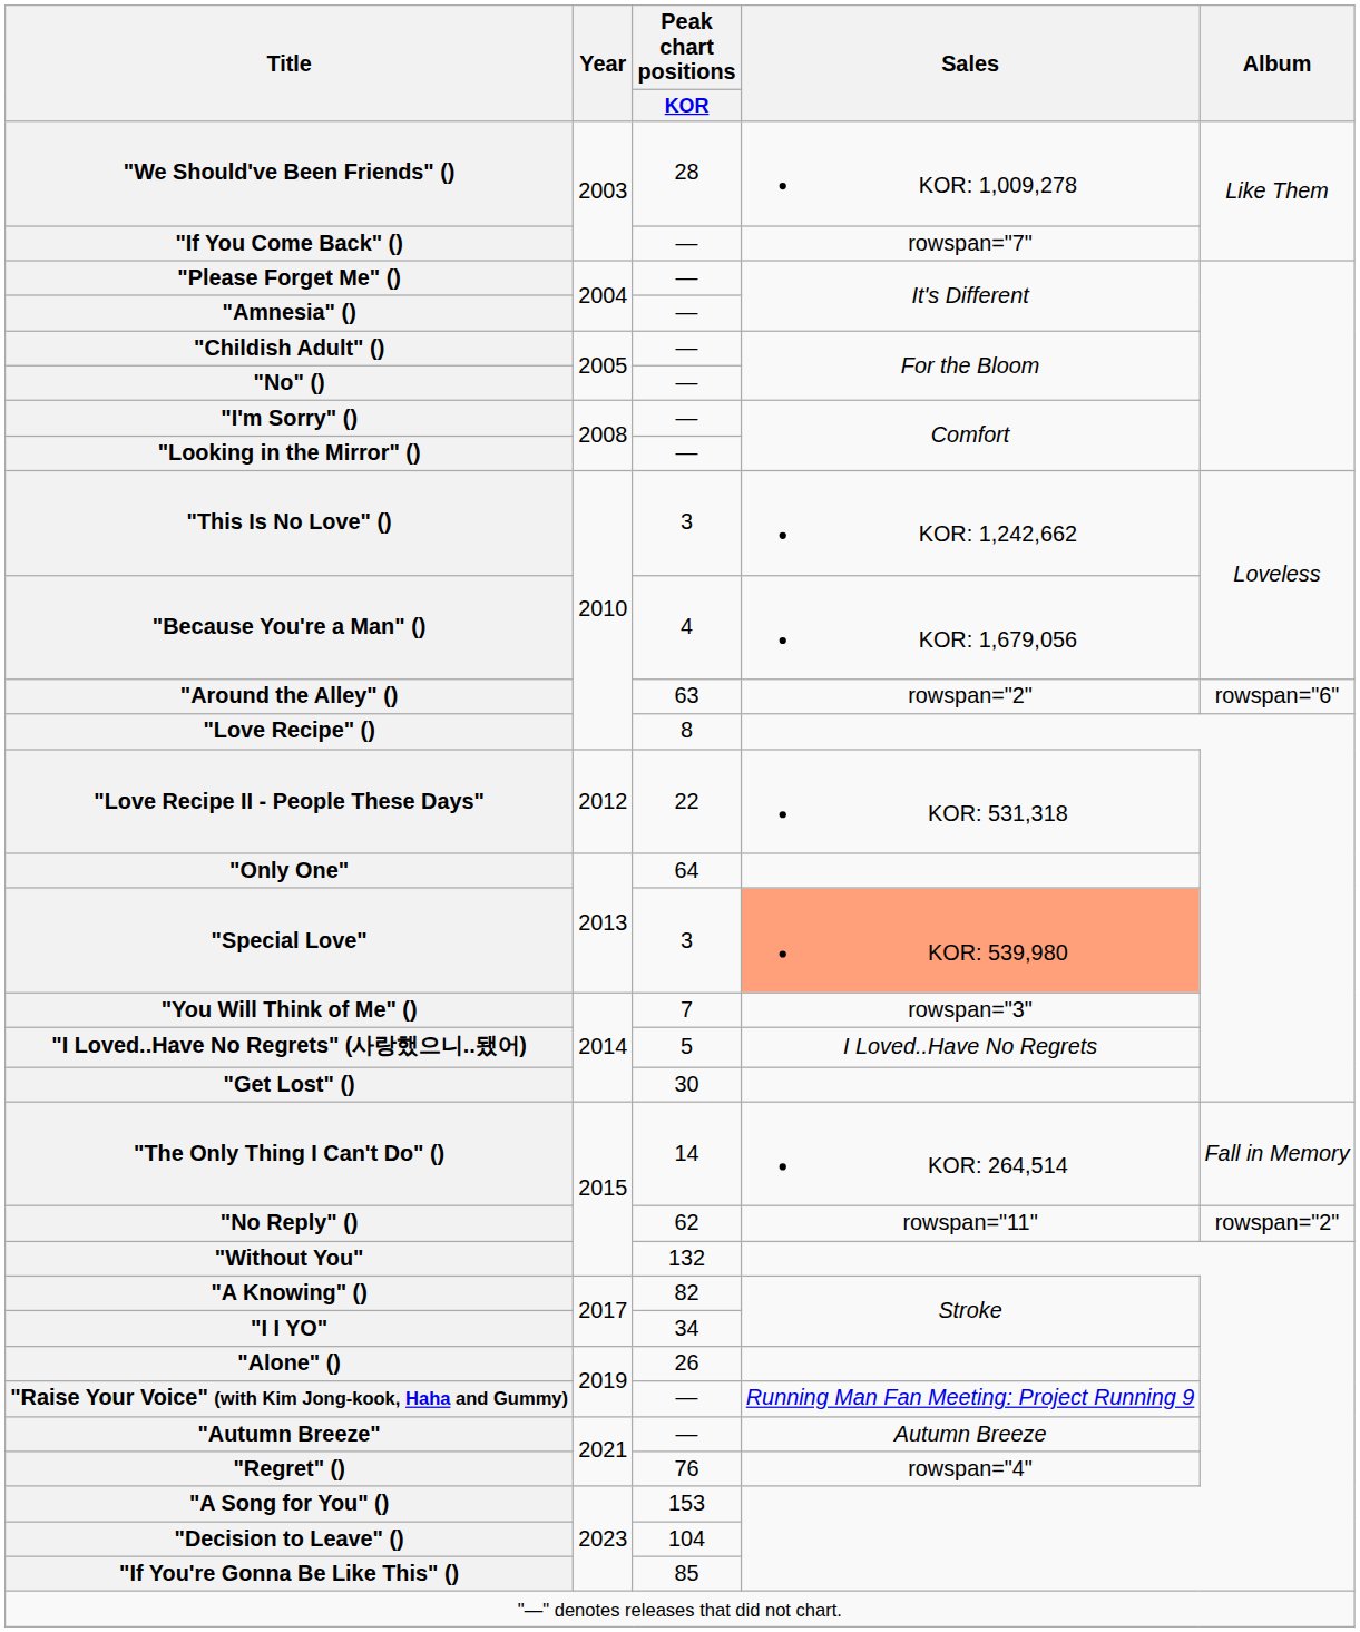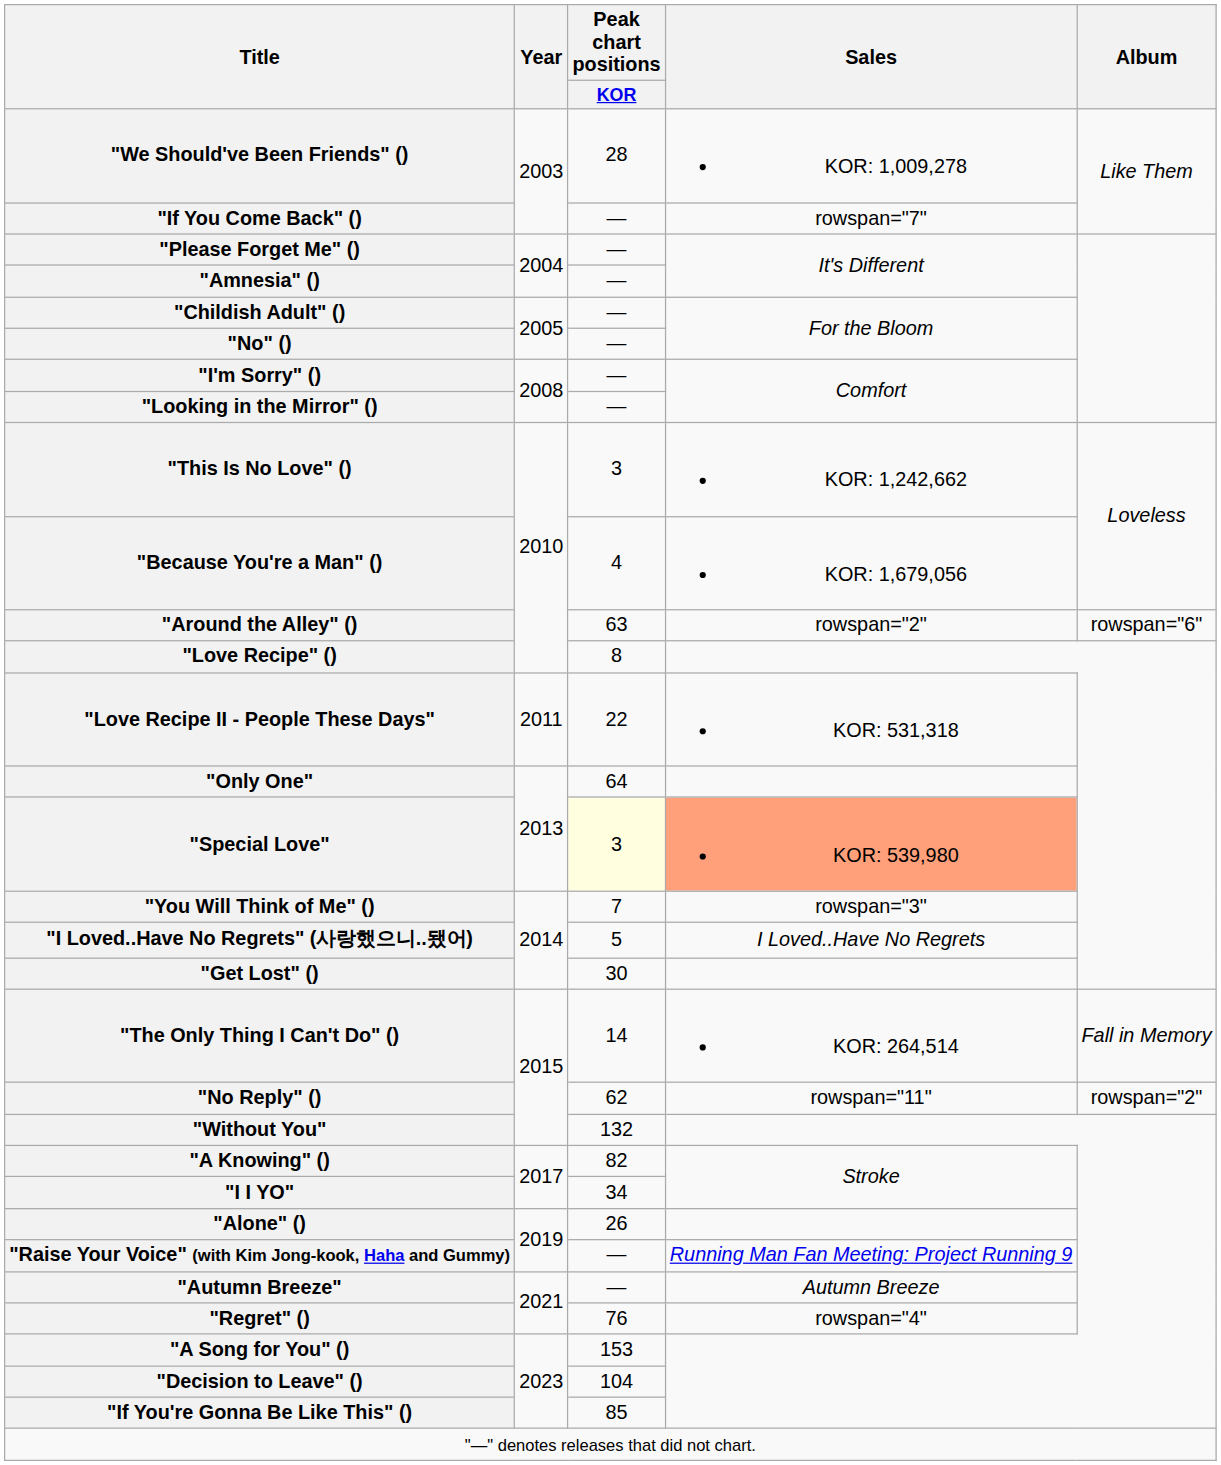 <table class="wikitable plainrowheaders" style="text-align:center;">
 <tr>
 <th scope="col" rowspan="2">Title</th>
 <th scope="col" rowspan="2">Year</th>
 <th scope="col" colspan="1">Peak chart positions</th>
 <th rowspan="2">Sales</th>
 <th rowspan="2">Album</th>
 </tr>
 <tr>
 <th scope="col" style="width:3em;font-size:90%;"><a href='#'>KOR</a><br></th>
 </tr>
 <tr>
 <th scope="row">"We Should've Been Friends" ()</th>
 <td rowspan="2">2003</td>
 <td>28</td>
 <td><br><ul><li>KOR: 1,009,278</li></ul></td>
 <td rowspan="2"><em>Like Them</em></td>
 </tr>
 <tr>
 <th scope="row">"If You Come Back" ()</th>
 <td>—</td>
 <td>rowspan="7" </td>
 </tr>
 <tr>
 <th scope="row">"Please Forget Me" ()</th>
 <td rowspan="2">2004</td>
 <td>—</td>
 <td rowspan="2"><em>It's Different</em></td>
 </tr>
 <tr>
 <th scope="row">"Amnesia" ()</th>
 <td>—</td>
 </tr>
 <tr>
 <th scope="row">"Childish Adult" ()</th>
 <td rowspan="2">2005</td>
 <td>—</td>
 <td rowspan="2"><em>For the Bloom</em></td>
 </tr>
 <tr>
 <th scope="row">"No" ()</th>
 <td>—</td>
 </tr>
 <tr>
 <th scope="row">"I'm Sorry" () </th>
 <td rowspan="2">2008</td>
 <td>—</td>
 <td rowspan="2"><em>Comfort</em></td>
 </tr>
 <tr>
 <th scope="row">"Looking in the Mirror" () </th>
 <td>—</td>
 </tr>
 <tr>
 <th scope="row">"This Is No Love" ()</th>
 <td rowspan="4">2010</td>
 <td>3</td>
 <td><br><ul><li>KOR: 1,242,662</li></ul></td>
 <td rowspan="2"><em>Loveless</em></td>
 </tr>
 <tr>
 <th scope="row">"Because You're a Man" ()</th>
 <td>4</td>
 <td><br><ul><li>KOR: 1,679,056</li></ul></td>
 </tr>
 <tr>
 <th scope="row">"Around the Alley" () </th>
 <td>63</td>
 <td>rowspan="2" </td>
 <td>rowspan="6" </td>
 </tr>
 <tr>
 <th scope="row">"Love Recipe" () </th>
 <td>8</td>
 </tr>
 <tr>
 <th scope="row">"Love Recipe II - People These Days" </th>
-<td>2012</td>
+<td>2011</td>
 <td>22</td>
 <td><br><ul><li>KOR: 531,318</li></ul></td>
 </tr>
 <tr>
 <th scope="row">"Only One" </th>
 <td rowspan="2">2013</td>
 <td>64</td>
 <td></td>
 </tr>
 <tr>
 <th scope="row">"Special Love" </th>
-<td>3</td>
+<td style="background: lightyellow;">3</td>
 <td style="background: lightsalmon;"><br><ul><li>KOR: 539,980</li></ul></td>
 </tr>
 <tr>
 <th scope="row">"You Will Think of Me" ()</th>
 <td rowspan="3">2014</td>
 <td>7</td>
 <td>rowspan="3" </td>
 </tr>
 <tr>
 <th scope="row">"I Loved..Have No Regrets" (사랑했으니..됐어)</th>
 <td>5</td>
 <td><em>I Loved..Have No Regrets</em></td>
 </tr>
 <tr>
 <th scope="row">"Get Lost" ()</th>
 <td>30</td>
 <td></td>
 </tr>
 <tr>
 <th scope="row">"The Only Thing I Can't Do" ()</th>
 <td rowspan="3">2015</td>
 <td>14</td>
 <td><br><ul><li>KOR: 264,514</li></ul></td>
 <td><em>Fall in Memory</em></td>
 </tr>
 <tr>
 <th scope="row">"No Reply" () </th>
 <td>62</td>
 <td>rowspan="11" </td>
 <td>rowspan="2" </td>
 </tr>
 <tr>
 <th scope="row">"Without You" </th>
 <td>132</td>
 </tr>
 <tr>
 <th scope="row">"A Knowing" () </th>
 <td rowspan="2">2017</td>
 <td>82</td>
 <td rowspan="2"><em>Stroke</em></td>
 </tr>
 <tr>
 <th scope="row">"I I YO"</th>
 <td>34</td>
 </tr>
 <tr>
 <th scope="row">"Alone" ()</th>
 <td rowspan="2">2019</td>
 <td>26</td>
 <td></td>
 </tr>
 <tr>
 <th scope="row">"Raise Your Voice" <small>(with Kim Jong-kook, <a href='#'>Haha</a> and Gummy)</small></th>
 <td>—</td>
 <td><em><a href='#'>Running Man Fan Meeting: Project Running 9</a></em></td>
 </tr>
 <tr>
 <th scope="row">"Autumn Breeze"</th>
 <td rowspan="2">2021</td>
 <td>—</td>
 <td><em>Autumn Breeze</em></td>
 </tr>
 <tr>
 <th scope="row">"Regret" ()</th>
 <td>76</td>
 <td>rowspan="4" </td>
 </tr>
 <tr>
 <th scope="row">"A Song for You" ()</th>
 <td rowspan="3">2023</td>
 <td>153</td>
 </tr>
 <tr>
 <th scope="row">"Decision to Leave" ()</th>
 <td>104</td>
 </tr>
 <tr>
 <th scope="row">"If You're Gonna Be Like This" ()</th>
 <td>85</td>
 </tr>
 <tr>
 <td colspan="5"><small>"—" denotes releases that did not chart.</small></td>
 </tr>
 </table>
